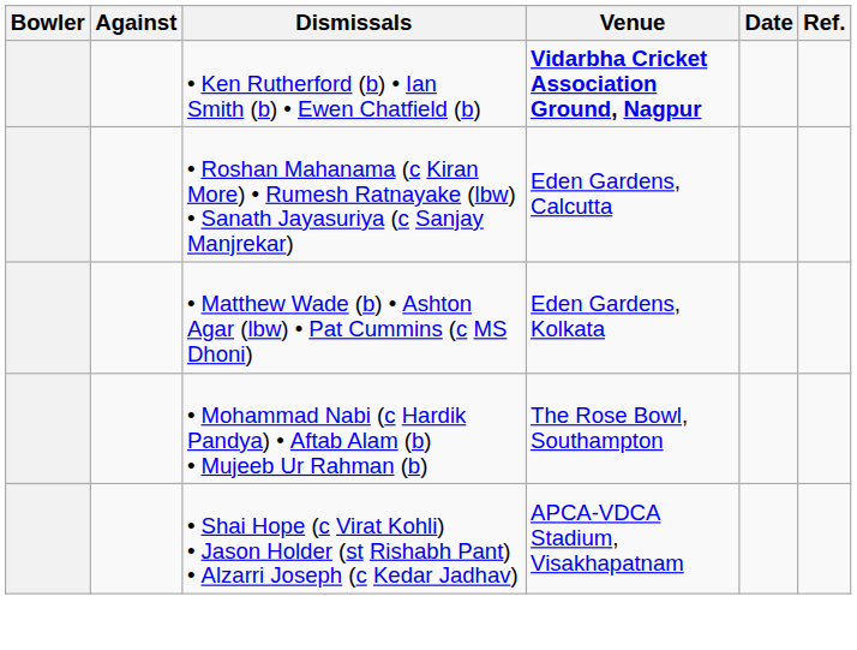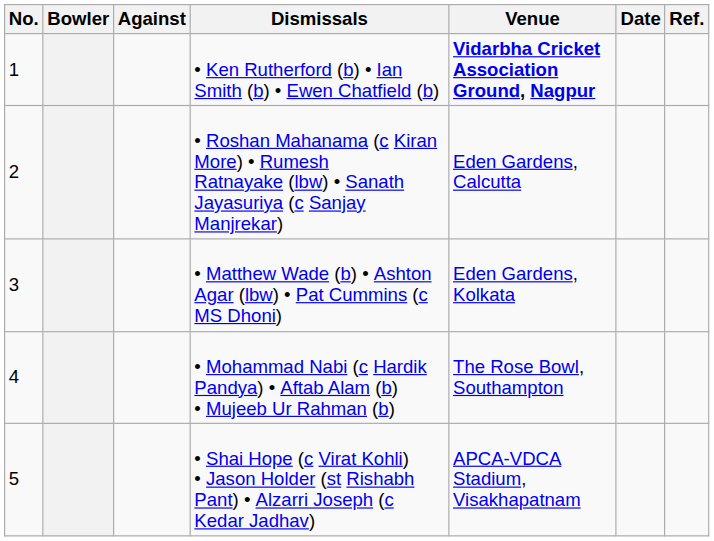 <table class="wikitable sortable" style="font-size: 100%">
 <tr>
+<th scope="col">No.</th>
 <th scope="col">Bowler</th>
 <th scope="col">Against</th>
 <th scope="col">Dismissals</th>
 <th scope="col">Venue</th>
 <th scope="col">Date</th>
 <th scope="col" class="unsortable">Ref.</th>
 </tr>
 <tr>
+<td>1</td>
 <th scope="row"></th>
 <td></td>
 <td><br>• <a href='#'>Ken Rutherford</a> (<a href='#'>b</a>) • <a href='#'>Ian Smith</a> (<a href='#'>b</a>) • <a href='#'>Ewen Chatfield</a> (<a href='#'>b</a>)</td>
 <td><strong> <a href='#'>Vidarbha Cricket Association Ground</a>, <a href='#'>Nagpur</a></strong></td>
 <td> </td>
 <td></td>
 </tr>
 <tr>
+<td>2</td>
 <th scope="row"></th>
 <td></td>
 <td><br>• <a href='#'>Roshan Mahanama</a> (<a href='#'>c</a> <a href='#'>Kiran More</a>) • <a href='#'>Rumesh Ratnayake</a> (<a href='#'>lbw</a>) • <a href='#'>Sanath Jayasuriya</a> (<a href='#'>c</a> <a href='#'>Sanjay Manjrekar</a>)</td>
 <td> <a href='#'>Eden Gardens</a>, <a href='#'>Calcutta</a></td>
 <td></td>
 <td></td>
 </tr>
 <tr>
+<td>3</td>
 <th scope="row"> </th>
 <td></td>
 <td><br>• <a href='#'>Matthew Wade</a> (<a href='#'>b</a>) • <a href='#'>Ashton Agar</a> (<a href='#'>lbw</a>) • <a href='#'>Pat Cummins</a> (<a href='#'>c</a> <a href='#'>MS Dhoni</a>)</td>
 <td> <a href='#'>Eden Gardens</a>, <a href='#'>Kolkata</a></td>
 <td></td>
 <td></td>
 </tr>
 <tr>
+<td>4</td>
 <th scope="row"> </th>
 <td></td>
 <td><br>• <a href='#'>Mohammad Nabi</a> (<a href='#'>c</a> <a href='#'>Hardik Pandya</a>) • <a href='#'>Aftab Alam</a> (<a href='#'>b</a>) • <a href='#'>Mujeeb Ur Rahman</a> (<a href='#'>b</a>)</td>
 <td> <a href='#'>The Rose Bowl</a>, <a href='#'>Southampton</a></td>
 <td> </td>
 <td></td>
 </tr>
 <tr>
+<td>5</td>
 <th scope="row"> </th>
 <td></td>
 <td><br>• <a href='#'>Shai Hope</a> (<a href='#'>c</a> <a href='#'>Virat Kohli</a>) • <a href='#'>Jason Holder</a> (<a href='#'>st</a> <a href='#'>Rishabh Pant</a>) • <a href='#'>Alzarri Joseph</a> (<a href='#'>c</a> <a href='#'>Kedar Jadhav</a>)</td>
 <td> <a href='#'>APCA-VDCA Stadium</a>, <a href='#'>Visakhapatnam</a></td>
 <td></td>
 <td></td>
 </tr>
 </table>
